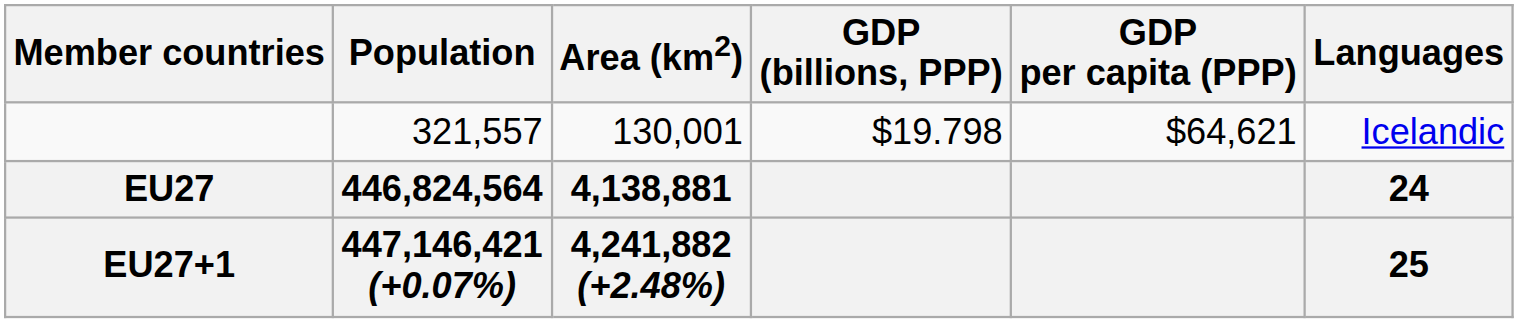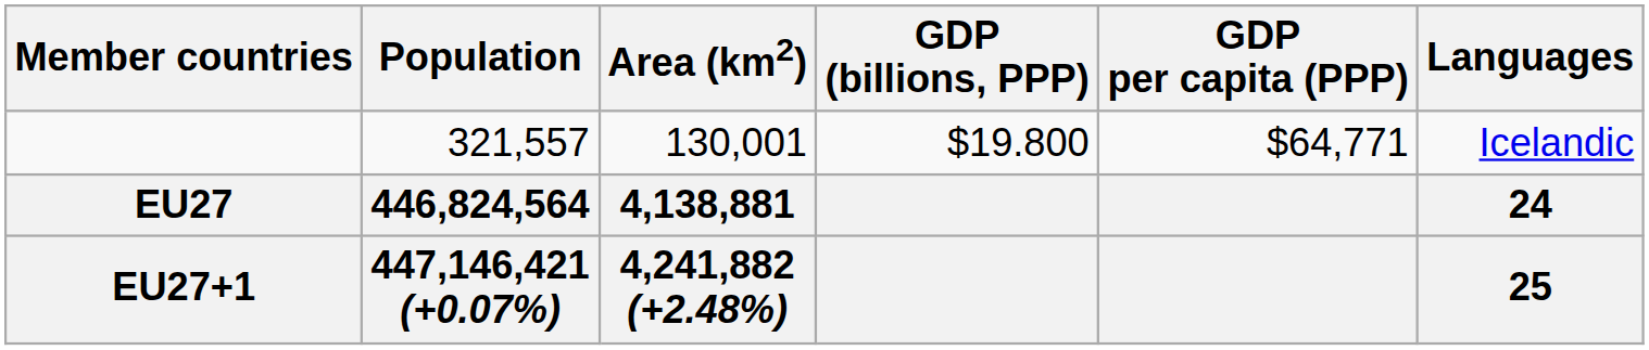 <table class="wikitable sortable" style="text-align: right;">
 <tr>
 <th>Member countries</th>
 <th>Population</th>
 <th>Area (km<sup>2</sup>)</th>
 <th>GDP<br>(billions, PPP)</th>
 <th>GDP<br>per capita (PPP)</th>
 <th>Languages</th>
 </tr>
 <tr>
 <td style="text-align: left;"></td>
 <td>321,557</td>
 <td>130,001</td>
-<td>$19.798</td>
-<td>$64,621</td>
+<td>$19.800</td>
+<td>$64,771</td>
 <td><a href='#'>Icelandic</a></td>
 </tr>
 <tr>
 <th>EU27</th>
 <th>446,824,564</th>
 <th>4,138,881</th>
 <th></th>
 <th></th>
 <th>24</th>
 </tr>
 <tr>
 <th>EU27+1</th>
 <th>447,146,421<br><em>(+0.07%)</em></th>
 <th>4,241,882<br><em>(+2.48%)</em></th>
 <th></th>
 <th></th>
 <th>25</th>
 </tr>
 </table>
